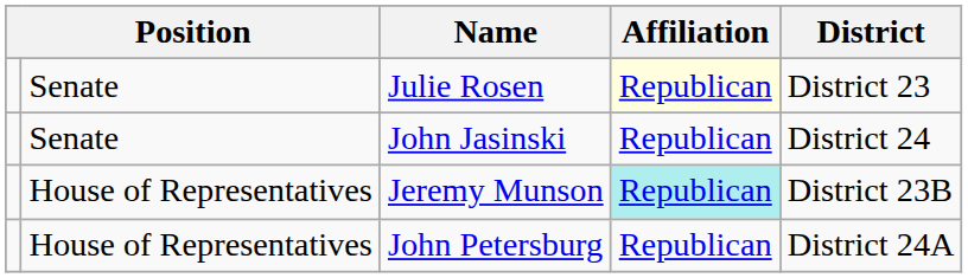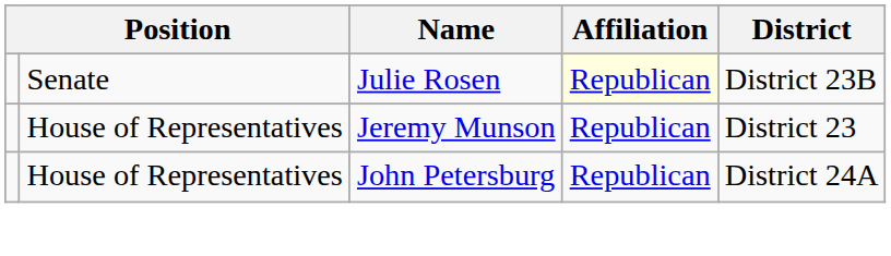 <table class="wikitable">
 <tr>
 <th colspan="2">Position</th>
 <th>Name</th>
 <th>Affiliation</th>
 <th>District</th>
 </tr>
 <tr>
 <td style="background-color:"></td>
 <td>Senate</td>
 <td><a href='#'>Julie Rosen</a></td>
 <td style="background: lightyellow;"><a href='#'>Republican</a></td>
-<td>District 23</td>
-</tr>
-<tr>
-<td style="background-color:"></td>
-<td>Senate</td>
-<td><a href='#'>John Jasinski</a></td>
-<td><a href='#'>Republican</a></td>
-<td>District 24</td>
+<td>District 23B</td>
 </tr>
 <tr>
 <td style="background-color:"></td>
 <td>House of Representatives</td>
 <td><a href='#'>Jeremy Munson</a></td>
-<td style="background: paleturquoise;"><a href='#'>Republican</a></td>
-<td>District 23B</td>
+<td><a href='#'>Republican</a></td>
+<td>District 23</td>
 </tr>
 <tr>
 <td style="background-color:"></td>
 <td>House of Representatives</td>
 <td><a href='#'>John Petersburg</a></td>
 <td><a href='#'>Republican</a></td>
 <td>District 24A</td>
 </tr>
 </table>
